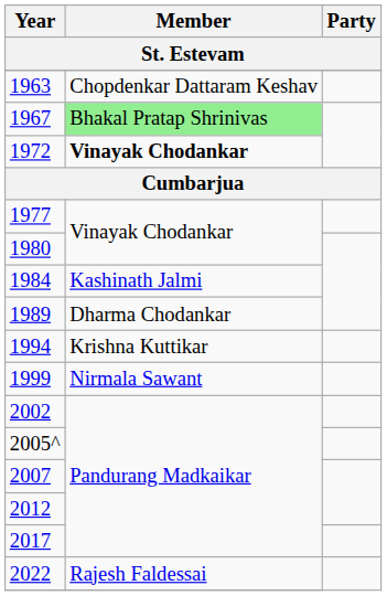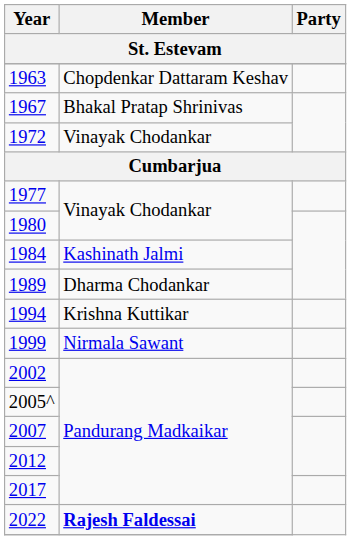 <table class="wikitable sortable">
 <tr>
 <th>Year</th>
 <th>Member</th>
 <th colspan="2">Party</th>
 </tr>
 <tr>
 <th colspan ="4">St. Estevam</th>
 </tr>
 <tr>
 </tr>
 <tr>
 <td><a href='#'>1963</a></td>
 <td>Chopdenkar Dattaram Keshav</td>
 <td></td>
 </tr>
 <tr>
 <td><a href='#'>1967</a></td>
-<td style="background: lightgreen;">Bhakal Pratap Shrinivas</td>
+<td>Bhakal Pratap Shrinivas</td>
 </tr>
 <tr>
 <td><a href='#'>1972</a></td>
-<td><strong>Vinayak Chodankar</strong></td>
+<td>Vinayak Chodankar</td>
 </tr>
 <tr>
 <th colspan ="4">Cumbarjua</th>
 </tr>
 <tr>
 <td><a href='#'>1977</a></td>
 <td rowspan=2>Vinayak Chodankar</td>
 <td></td>
 </tr>
 <tr>
 <td><a href='#'>1980</a></td>
 </tr>
 <tr>
 <td><a href='#'>1984</a></td>
 <td><a href='#'>Kashinath Jalmi</a></td>
 </tr>
 <tr>
 <td><a href='#'>1989</a></td>
 <td>Dharma Chodankar</td>
 </tr>
 <tr>
 <td><a href='#'>1994</a></td>
 <td>Krishna Kuttikar</td>
 <td></td>
 </tr>
 <tr>
 <td><a href='#'>1999</a></td>
 <td><a href='#'>Nirmala Sawant</a></td>
 </tr>
 <tr>
 <td><a href='#'>2002</a></td>
 <td rowspan=5><a href='#'>Pandurang Madkaikar</a></td>
 <td></td>
 </tr>
 <tr>
 <td>2005^</td>
 <td></td>
 </tr>
 <tr>
 <td><a href='#'>2007</a></td>
 </tr>
 <tr>
 <td><a href='#'>2012</a></td>
 </tr>
 <tr>
 <td><a href='#'>2017</a></td>
 <td></td>
 </tr>
 <tr>
 <td><a href='#'>2022</a></td>
-<td><a href='#'>Rajesh Faldessai</a></td>
+<td><strong><a href='#'>Rajesh Faldessai</a></strong></td>
 </tr>
 <tr>
 </tr>
 </table>
